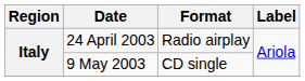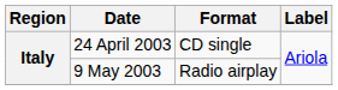 <table class="wikitable plainrowheaders">
 <tr>
 <th>Region</th>
 <th>Date</th>
 <th>Format</th>
 <th>Label</th>
 </tr>
 <tr>
 <th scope="row" rowspan="2">Italy</th>
 <td>24 April 2003</td>
-<td>Radio airplay</td>
+<td>CD single</td>
 <td rowspan="2"><a href='#'>Ariola</a></td>
 </tr>
 <tr>
 <td>9 May 2003</td>
-<td>CD single</td>
+<td>Radio airplay</td>
 </tr>
 <tr>
 </tr>
 </table>
